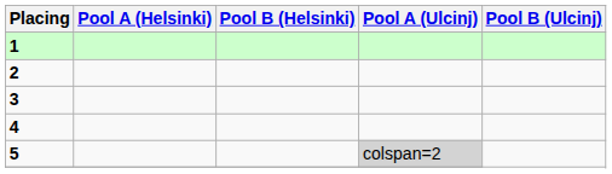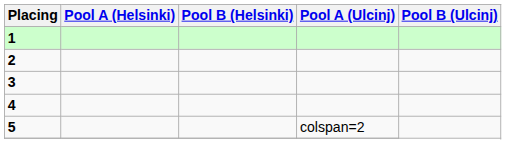 <table class=wikitable style="border:1px solid #AAAAAA;">
 <tr>
 <th>Placing</th>
 <th><a href='#'>Pool A (Helsinki)</a></th>
 <th><a href='#'>Pool B (Helsinki)</a></th>
 <th><a href='#'>Pool A (Ulcinj)</a></th>
 <th><a href='#'>Pool B (Ulcinj)</a></th>
 </tr>
 <tr style="background: #ccffcc;">
 <td><strong>1</strong></td>
 <td></td>
 <td></td>
 <td></td>
 <td></td>
 </tr>
 <tr>
 <td><strong>2</strong></td>
 <td></td>
 <td></td>
 <td></td>
 <td></td>
 </tr>
 <tr>
 <td><strong>3</strong></td>
 <td></td>
 <td></td>
 <td></td>
 <td></td>
 </tr>
 <tr>
 <td><strong>4</strong></td>
 <td></td>
 <td></td>
 <td></td>
 <td></td>
 </tr>
 <tr>
 <td><strong>5</strong></td>
 <td></td>
 <td></td>
-<td style="background: lightgrey;">colspan=2 </td>
+<td>colspan=2 </td>
 </tr>
 <tr>
 </tr>
 </table>
